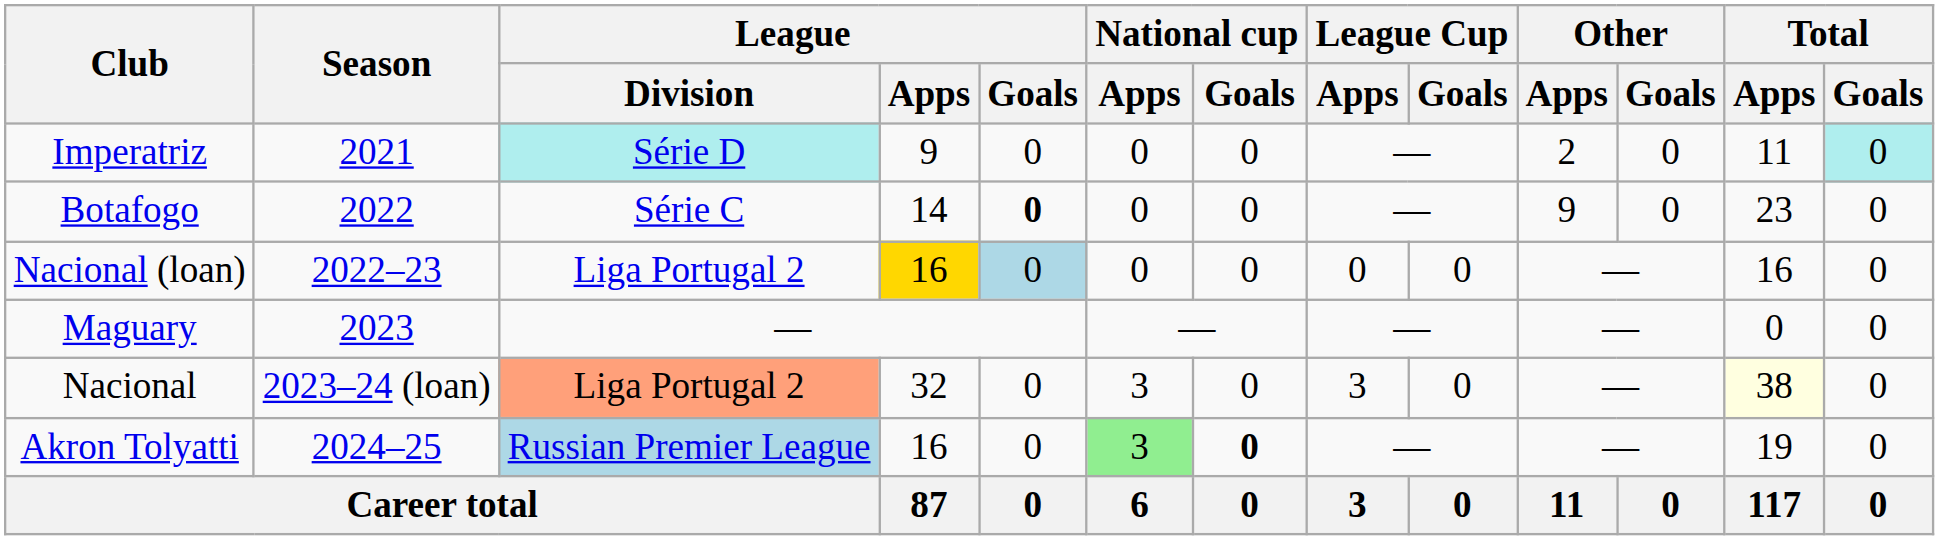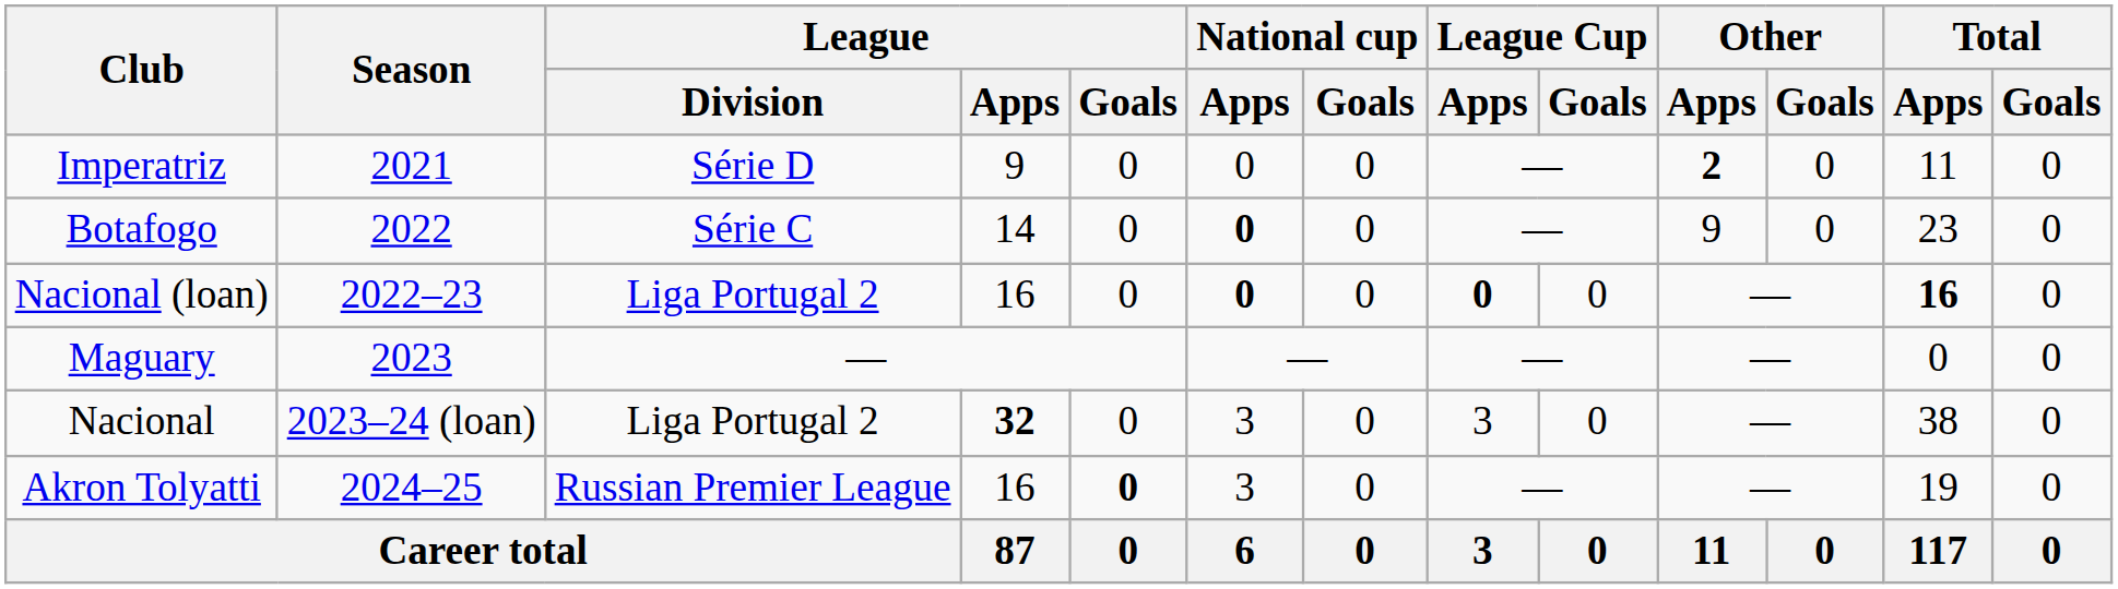 <table class="wikitable" style="text-align: center;">
 <tr>
 <th rowspan="2">Club</th>
 <th rowspan="2">Season</th>
 <th colspan="3">League</th>
 <th colspan="2">National cup</th>
 <th colspan="2">League Cup</th>
 <th colspan="2">Other</th>
 <th colspan="2">Total</th>
 </tr>
 <tr>
 <th>Division</th>
 <th>Apps</th>
 <th>Goals</th>
 <th>Apps</th>
 <th>Goals</th>
 <th>Apps</th>
 <th>Goals</th>
 <th>Apps</th>
 <th>Goals</th>
 <th>Apps</th>
 <th>Goals</th>
 </tr>
 <tr>
 <td><a href='#'>Imperatriz</a></td>
 <td><a href='#'>2021</a></td>
-<td style="background: paleturquoise;"><a href='#'>Série D</a></td>
+<td><a href='#'>Série D</a></td>
 <td>9</td>
 <td>0</td>
 <td>0</td>
 <td>0</td>
 <td colspan="2">—</td>
-<td>2</td>
+<td><strong>2</strong></td>
 <td>0</td>
 <td>11</td>
-<td style="background: paleturquoise;">0</td>
+<td>0</td>
 </tr>
 <tr>
 <td><a href='#'>Botafogo</a></td>
 <td><a href='#'>2022</a></td>
 <td><a href='#'>Série C</a></td>
 <td>14</td>
+<td>0</td>
 <td><strong>0</strong></td>
-<td>0</td>
 <td>0</td>
 <td colspan="2">—</td>
 <td>9</td>
 <td>0</td>
 <td>23</td>
 <td>0</td>
 </tr>
 <tr>
 <td><a href='#'>Nacional</a> (loan)</td>
 <td><a href='#'>2022–23</a></td>
 <td><a href='#'>Liga Portugal 2</a></td>
-<td style="background: gold;">16</td>
-<td style="background: lightblue;">0</td>
+<td>16</td>
 <td>0</td>
+<td><strong>0</strong></td>
 <td>0</td>
-<td>0</td>
+<td><strong>0</strong></td>
 <td>0</td>
 <td colspan="2">—</td>
-<td>16</td>
+<td><strong>16</strong></td>
 <td>0</td>
 </tr>
 <tr>
 <td><a href='#'>Maguary</a></td>
 <td><a href='#'>2023</a></td>
 <td colspan="3">—</td>
 <td colspan="2">—</td>
 <td colspan="2">—</td>
 <td colspan="2">—</td>
 <td>0</td>
 <td>0</td>
 </tr>
 <tr>
 <td>Nacional</td>
 <td><a href='#'>2023–24</a> (loan)</td>
-<td style="background: lightsalmon;">Liga Portugal 2</td>
-<td>32</td>
+<td>Liga Portugal 2</td>
+<td><strong>32</strong></td>
 <td>0</td>
 <td>3</td>
 <td>0</td>
 <td>3</td>
 <td>0</td>
 <td colspan="2">—</td>
-<td style="background: lightyellow;">38</td>
+<td>38</td>
 <td>0</td>
 </tr>
 <tr>
 <td><a href='#'>Akron Tolyatti</a></td>
 <td><a href='#'>2024–25</a></td>
-<td style="background: lightblue;"><a href='#'>Russian Premier League</a></td>
+<td><a href='#'>Russian Premier League</a></td>
 <td>16</td>
+<td><strong>0</strong></td>
+<td>3</td>
 <td>0</td>
-<td style="background: lightgreen;">3</td>
-<td><strong>0</strong></td>
 <td colspan="2">—</td>
 <td colspan="2">—</td>
 <td>19</td>
 <td>0</td>
 </tr>
 <tr>
 <th colspan="3">Career total</th>
 <th>87</th>
 <th>0</th>
 <th>6</th>
 <th>0</th>
 <th>3</th>
 <th>0</th>
 <th>11</th>
 <th>0</th>
 <th>117</th>
 <th>0</th>
 </tr>
 </table>
